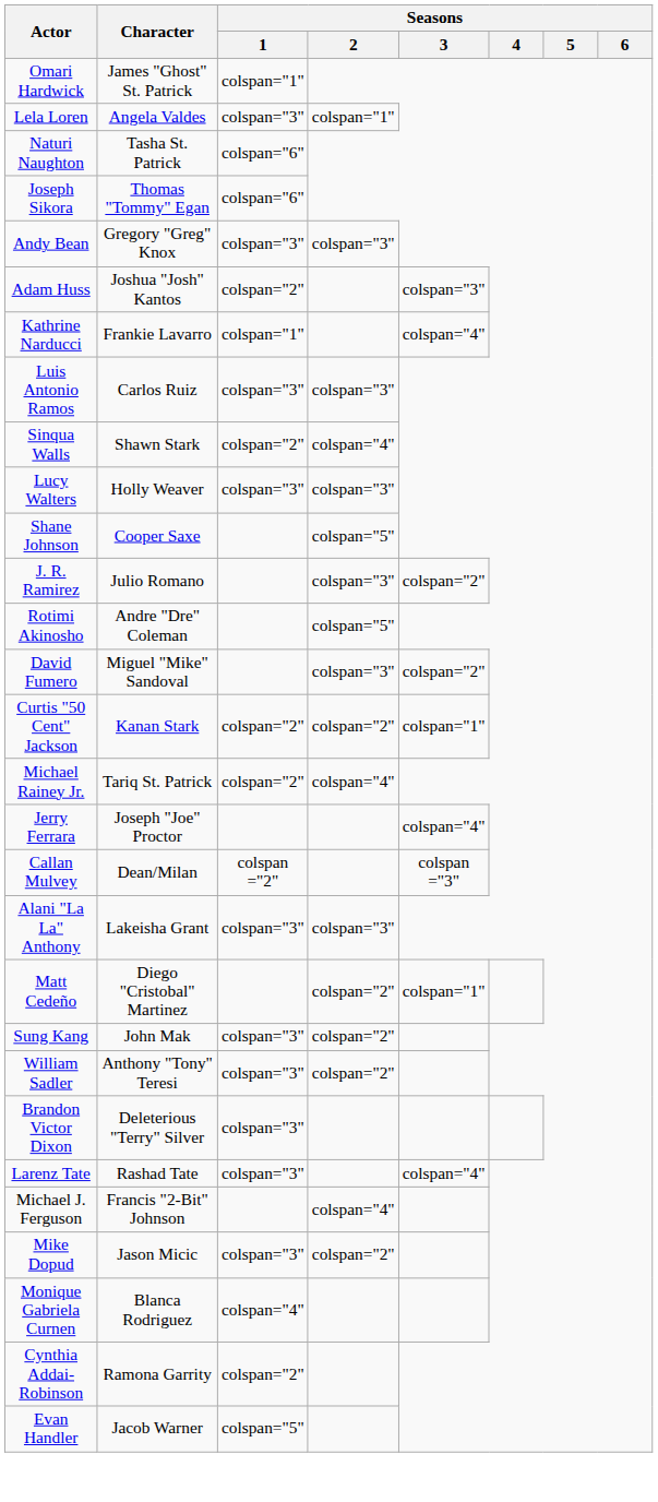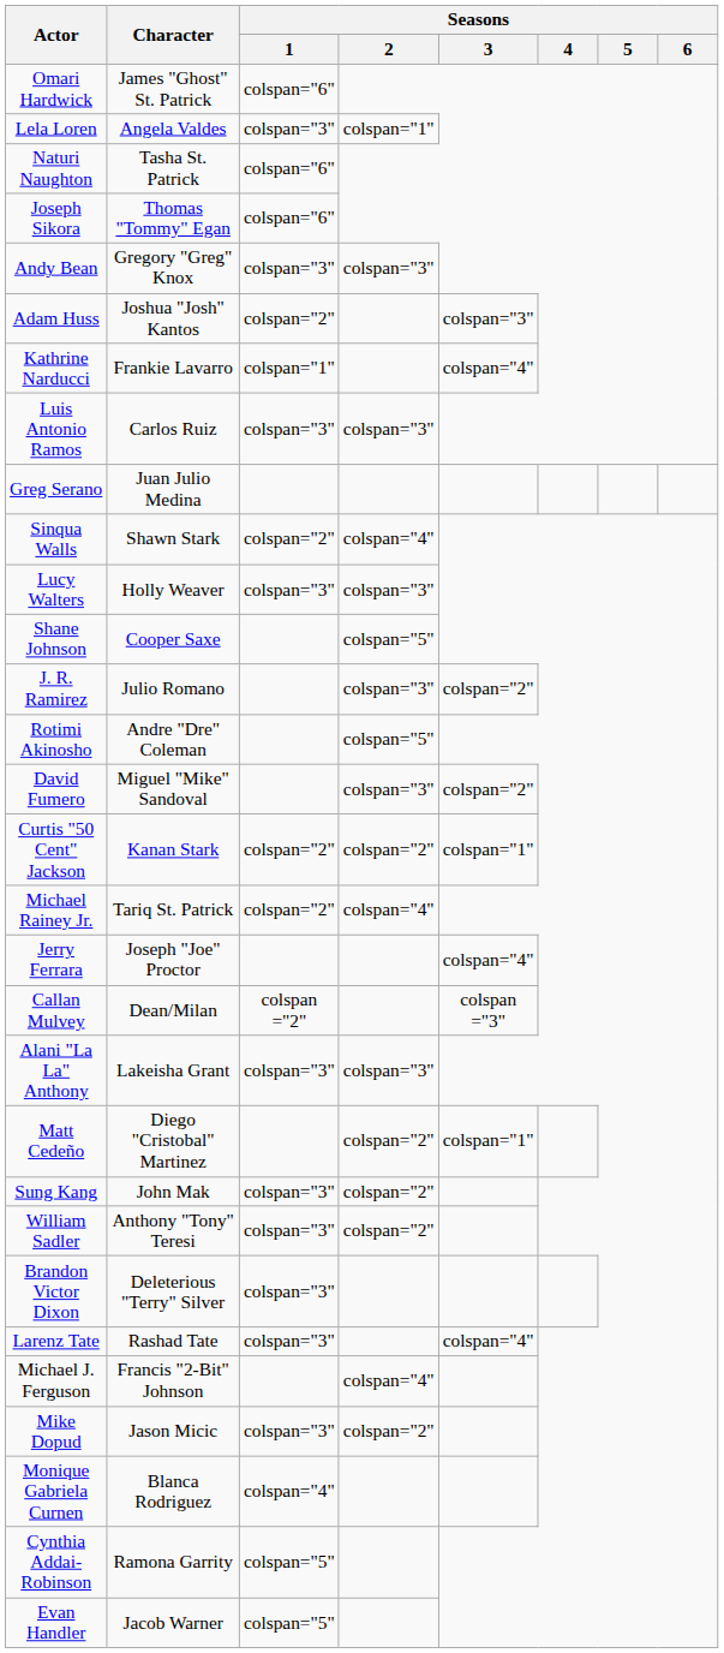 <table class="wikitable plainrowheaders" style="text-align:center; font-size:100%; width:70%">
 <tr>
 <th style="width:15%;" rowspan="2">Actor</th>
 <th style="width:20%;" rowspan="2">Character</th>
 <th colspan="6">Seasons</th>
 </tr>
 <tr>
 <th style="width:10%;">1</th>
 <th style="width:10%;">2</th>
 <th style="width:10%;">3</th>
 <th style="width:10%;">4</th>
 <th style="width:10%;">5</th>
 <th style="width:10%;">6</th>
 </tr>
 <tr>
 <td><a href='#'>Omari Hardwick</a></td>
 <td>James "Ghost" St. Patrick</td>
-<td>colspan="1" </td>
+<td>colspan="6" </td>
 </tr>
 <tr>
 <td><a href='#'>Lela Loren</a></td>
 <td><a href='#'>Angela Valdes</a></td>
 <td>colspan="3" </td>
 <td>colspan="1" </td>
 </tr>
 <tr>
 <td><a href='#'>Naturi Naughton</a></td>
 <td>Tasha St. Patrick</td>
 <td>colspan="6" </td>
 </tr>
 <tr>
 <td><a href='#'>Joseph Sikora</a></td>
 <td><a href='#'>Thomas "Tommy" Egan</a></td>
 <td>colspan="6" </td>
 </tr>
 <tr>
 <td><a href='#'>Andy Bean</a></td>
 <td>Gregory "Greg" Knox</td>
 <td>colspan="3" </td>
 <td>colspan="3" </td>
 </tr>
 <tr>
 <td><a href='#'>Adam Huss</a></td>
 <td>Joshua "Josh" Kantos</td>
 <td>colspan="2" </td>
 <td></td>
 <td>colspan="3" </td>
 </tr>
 <tr>
 <td><a href='#'>Kathrine Narducci</a></td>
 <td>Frankie Lavarro</td>
 <td>colspan="1" </td>
 <td></td>
 <td>colspan="4" </td>
 </tr>
 <tr>
 <td><a href='#'>Luis Antonio Ramos</a></td>
 <td>Carlos Ruiz</td>
 <td>colspan="3" </td>
 <td>colspan="3" </td>
+</tr>
+<tr>
+<td><a href='#'>Greg Serano</a></td>
+<td>Juan Julio Medina</td>
+<td></td>
+<td></td>
+<td></td>
+<td></td>
+<td></td>
+<td></td>
 </tr>
 <tr>
 <td><a href='#'>Sinqua Walls</a></td>
 <td>Shawn Stark</td>
 <td>colspan="2" </td>
 <td>colspan="4" </td>
 </tr>
 <tr>
 <td><a href='#'>Lucy Walters</a></td>
 <td>Holly Weaver</td>
 <td>colspan="3" </td>
 <td>colspan="3" </td>
 </tr>
 <tr>
 <td><a href='#'>Shane Johnson</a></td>
 <td><a href='#'>Cooper Saxe</a></td>
 <td></td>
 <td>colspan="5" </td>
 </tr>
 <tr>
 <td><a href='#'>J. R. Ramirez</a></td>
 <td>Julio Romano</td>
 <td></td>
 <td>colspan="3" </td>
 <td>colspan="2" </td>
 </tr>
 <tr>
 <td><a href='#'>Rotimi Akinosho</a></td>
 <td>Andre "Dre" Coleman</td>
 <td></td>
 <td>colspan="5" </td>
 </tr>
 <tr>
 <td><a href='#'>David Fumero</a></td>
 <td>Miguel "Mike" Sandoval</td>
 <td></td>
 <td>colspan="3" </td>
 <td>colspan="2" </td>
 </tr>
 <tr>
 <td><a href='#'>Curtis "50 Cent" Jackson</a></td>
 <td><a href='#'>Kanan Stark</a></td>
 <td>colspan="2" </td>
 <td>colspan="2" </td>
 <td>colspan="1" </td>
 </tr>
 <tr>
 <td><a href='#'>Michael Rainey Jr.</a></td>
 <td>Tariq St. Patrick</td>
 <td>colspan="2" </td>
 <td>colspan="4" </td>
 </tr>
 <tr>
 <td><a href='#'>Jerry Ferrara</a></td>
 <td>Joseph "Joe" Proctor</td>
 <td></td>
 <td></td>
 <td>colspan="4" </td>
 </tr>
 <tr>
 <td><a href='#'>Callan Mulvey</a></td>
 <td>Dean/Milan</td>
 <td>colspan ="2" </td>
 <td></td>
 <td>colspan ="3" </td>
 </tr>
 <tr>
 <td><a href='#'>Alani "La La" Anthony</a></td>
 <td>Lakeisha Grant</td>
 <td>colspan="3" </td>
 <td>colspan="3" </td>
 </tr>
 <tr>
 <td><a href='#'>Matt Cedeño</a></td>
 <td>Diego "Cristobal" Martinez</td>
 <td></td>
 <td>colspan="2" </td>
 <td>colspan="1" </td>
 <td></td>
 </tr>
 <tr>
 <td><a href='#'>Sung Kang</a></td>
 <td>John Mak</td>
 <td>colspan="3" </td>
 <td>colspan="2" </td>
 <td></td>
 </tr>
 <tr>
 <td><a href='#'>William Sadler</a></td>
 <td>Anthony "Tony" Teresi</td>
 <td>colspan="3" </td>
 <td>colspan="2" </td>
 <td></td>
 </tr>
 <tr>
 <td><a href='#'>Brandon Victor Dixon</a></td>
 <td>Deleterious "Terry" Silver</td>
 <td>colspan="3" </td>
 <td></td>
 <td></td>
 <td></td>
 </tr>
 <tr>
 <td><a href='#'>Larenz Tate</a></td>
 <td>Rashad Tate</td>
 <td>colspan="3" </td>
 <td></td>
 <td>colspan="4" </td>
 </tr>
 <tr>
 <td>Michael J. Ferguson</td>
 <td>Francis "2-Bit" Johnson</td>
 <td></td>
 <td>colspan="4" </td>
 <td></td>
 </tr>
 <tr>
 <td><a href='#'>Mike Dopud</a></td>
 <td>Jason Micic</td>
 <td>colspan="3" </td>
 <td>colspan="2" </td>
 <td></td>
 </tr>
 <tr>
 <td><a href='#'>Monique Gabriela Curnen</a></td>
 <td>Blanca Rodriguez</td>
 <td>colspan="4" </td>
 <td></td>
 <td></td>
 </tr>
 <tr>
 <td><a href='#'>Cynthia Addai-Robinson</a></td>
 <td>Ramona Garrity</td>
-<td>colspan="2" </td>
+<td>colspan="5" </td>
 <td></td>
 </tr>
 <tr>
 <td><a href='#'>Evan Handler</a></td>
 <td>Jacob Warner</td>
 <td>colspan="5" </td>
 <td></td>
 </tr>
 </table>
